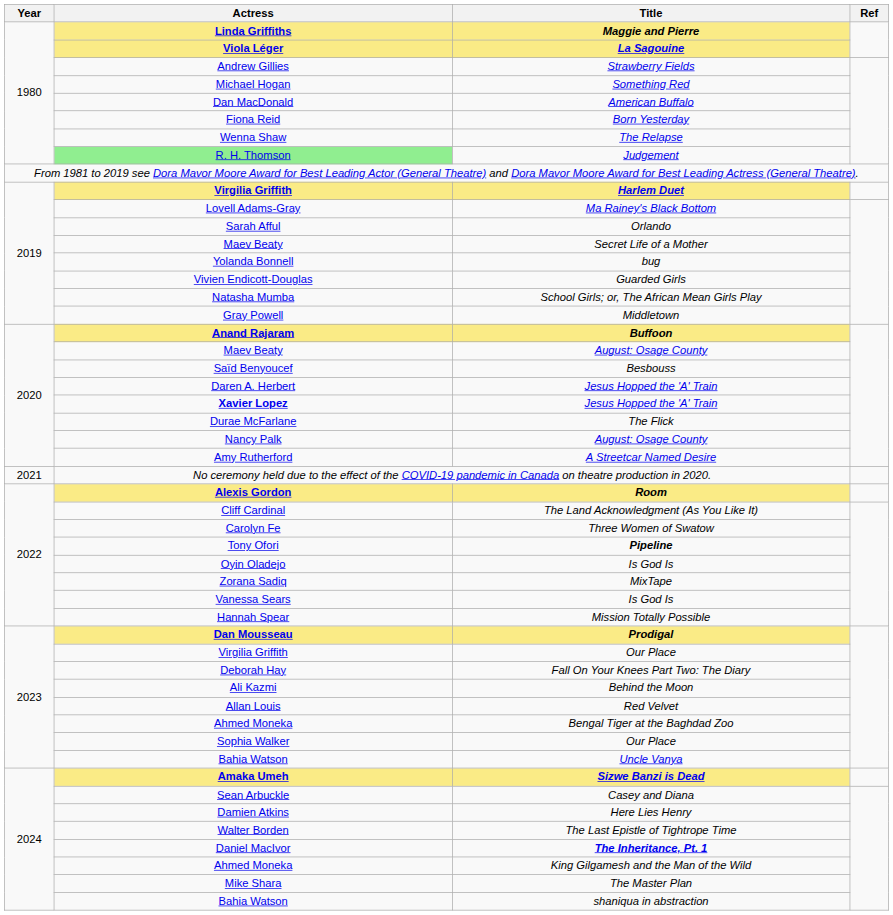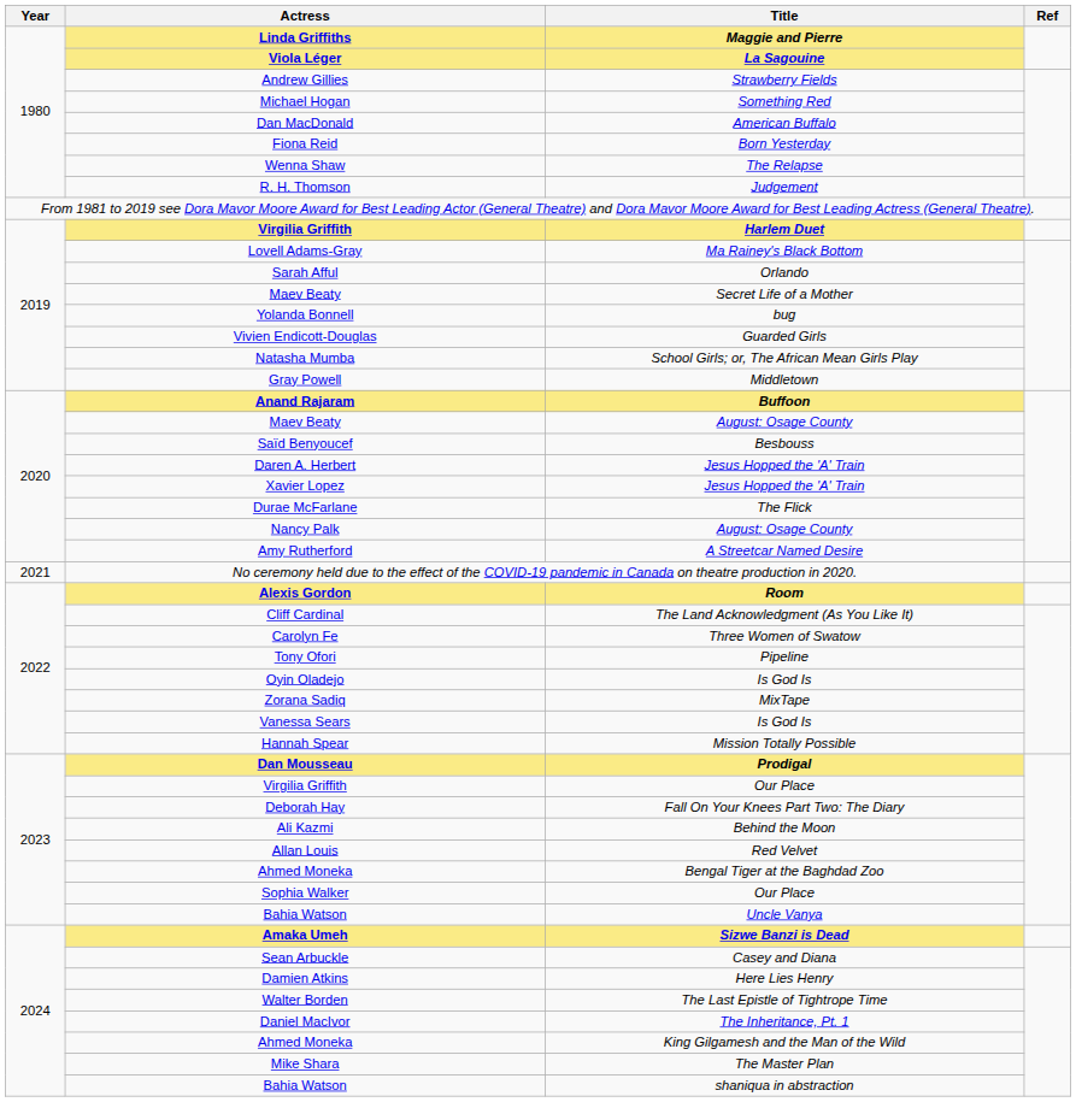 <table class="wikitable" width="100%" style="text-align:center;">
 <tr>
 <th>Year</th>
 <th width="45%">Actress</th>
 <th width="45%">Title</th>
 <th>Ref</th>
 </tr>
 <tr>
 <td rowspan=8>1980</td>
 <td style="background:#FAEB86"><strong><a href='#'>Linda Griffiths</a></strong></td>
 <td style="background:#FAEB86"><strong><em>Maggie and Pierre</em></strong></td>
 <td rowspan=2></td>
 </tr>
 <tr>
 <td style="background:#FAEB86"><strong><a href='#'>Viola Léger</a></strong></td>
 <td style="background:#FAEB86"><strong><em><a href='#'>La Sagouine</a></em></strong></td>
 </tr>
 <tr>
 <td><a href='#'>Andrew Gillies</a></td>
 <td><em><a href='#'>Strawberry Fields</a></em></td>
 <td rowspan=6></td>
 </tr>
 <tr>
 <td><a href='#'>Michael Hogan</a></td>
 <td><em><a href='#'>Something Red</a></em></td>
 </tr>
 <tr>
 <td><a href='#'>Dan MacDonald</a></td>
 <td><em><a href='#'>American Buffalo</a></em></td>
 </tr>
 <tr>
 <td><a href='#'>Fiona Reid</a></td>
 <td><em><a href='#'>Born Yesterday</a></em></td>
 </tr>
 <tr>
 <td><a href='#'>Wenna Shaw</a></td>
 <td><em><a href='#'>The Relapse</a></em></td>
 </tr>
 <tr>
-<td style="background: lightgreen;"><a href='#'>R. H. Thomson</a></td>
+<td><a href='#'>R. H. Thomson</a></td>
 <td><em><a href='#'>Judgement</a></em></td>
 </tr>
 <tr>
 <td colspan=4 align=center><em>From 1981 to 2019 see <a href='#'>Dora Mavor Moore Award for Best Leading Actor (General Theatre)</a> and <a href='#'>Dora Mavor Moore Award for Best Leading Actress (General Theatre)</a>.</em></td>
 </tr>
 <tr>
 <td rowspan=8>2019</td>
 <td style="background:#FAEB86"><strong><a href='#'>Virgilia Griffith</a></strong></td>
 <td style="background:#FAEB86"><strong><em><a href='#'>Harlem Duet</a></em></strong></td>
 <td></td>
 </tr>
 <tr>
 <td><a href='#'>Lovell Adams-Gray</a></td>
 <td><em><a href='#'>Ma Rainey's Black Bottom</a></em></td>
 <td rowspan=7></td>
 </tr>
 <tr>
 <td><a href='#'>Sarah Afful</a></td>
 <td><em>Orlando</em></td>
 </tr>
 <tr>
 <td><a href='#'>Maev Beaty</a></td>
 <td><em>Secret Life of a Mother</em></td>
 </tr>
 <tr>
 <td><a href='#'>Yolanda Bonnell</a></td>
 <td><em>bug</em></td>
 </tr>
 <tr>
 <td><a href='#'>Vivien Endicott-Douglas</a></td>
 <td><em>Guarded Girls</em></td>
 </tr>
 <tr>
 <td><a href='#'>Natasha Mumba</a></td>
 <td><em>School Girls; or, The African Mean Girls Play</em></td>
 </tr>
 <tr>
 <td><a href='#'>Gray Powell</a></td>
 <td><em>Middletown</em></td>
 </tr>
 <tr>
 <td rowspan=8>2020</td>
 <td style="background:#FAEB86"><strong><a href='#'>Anand Rajaram</a></strong></td>
 <td style="background:#FAEB86"><strong><em>Buffoon</em></strong></td>
 <td rowspan=8></td>
 </tr>
 <tr>
 <td><a href='#'>Maev Beaty</a></td>
 <td><em><a href='#'>August: Osage County</a></em></td>
 </tr>
 <tr>
 <td><a href='#'>Saïd Benyoucef</a></td>
 <td><em>Besbouss</em></td>
 </tr>
 <tr>
 <td><a href='#'>Daren A. Herbert</a></td>
 <td><em><a href='#'>Jesus Hopped the 'A' Train</a></em></td>
 </tr>
 <tr>
-<td><strong><a href='#'>Xavier Lopez</a></strong></td>
+<td><a href='#'>Xavier Lopez</a></td>
 <td><em><a href='#'>Jesus Hopped the 'A' Train</a></em></td>
 </tr>
 <tr>
 <td><a href='#'>Durae McFarlane</a></td>
 <td><em>The Flick</em></td>
 </tr>
 <tr>
 <td><a href='#'>Nancy Palk</a></td>
 <td><em><a href='#'>August: Osage County</a></em></td>
 </tr>
 <tr>
 <td><a href='#'>Amy Rutherford</a></td>
 <td><em><a href='#'>A Streetcar Named Desire</a></em></td>
 </tr>
 <tr>
 <td>2021</td>
 <td colspan=2><em>No ceremony held due to the effect of the <a href='#'>COVID-19 pandemic in Canada</a> on theatre production in 2020.</em></td>
 <td></td>
 </tr>
 <tr>
 <td rowspan=8>2022</td>
 <td style="background:#FAEB86"><strong><a href='#'>Alexis Gordon</a></strong></td>
 <td style="background:#FAEB86"><strong><em>Room</em></strong></td>
 <td></td>
 </tr>
 <tr>
 <td><a href='#'>Cliff Cardinal</a></td>
 <td><em>The Land Acknowledgment (As You Like It)</em></td>
 <td rowspan=7></td>
 </tr>
 <tr>
 <td><a href='#'>Carolyn Fe</a></td>
 <td><em>Three Women of Swatow</em></td>
 </tr>
 <tr>
 <td><a href='#'>Tony Ofori</a></td>
-<td><strong><em>Pipeline</em></strong></td>
+<td><em>Pipeline</em></td>
 </tr>
 <tr>
 <td><a href='#'>Oyin Oladejo</a></td>
 <td><em>Is God Is</em></td>
 </tr>
 <tr>
 <td><a href='#'>Zorana Sadiq</a></td>
 <td><em>MixTape</em></td>
 </tr>
 <tr>
 <td><a href='#'>Vanessa Sears</a></td>
 <td><em>Is God Is</em></td>
 </tr>
 <tr>
 <td><a href='#'>Hannah Spear</a></td>
 <td><em>Mission Totally Possible</em></td>
 </tr>
 <tr>
 <td rowspan=8>2023</td>
 <td style="background:#FAEB86"><strong><a href='#'>Dan Mousseau</a></strong></td>
 <td style="background:#FAEB86"><strong><em>Prodigal</em></strong></td>
 <td rowspan=8></td>
 </tr>
 <tr>
 <td><a href='#'>Virgilia Griffith</a></td>
 <td><em>Our Place</em></td>
 </tr>
 <tr>
 <td><a href='#'>Deborah Hay</a></td>
 <td><em>Fall On Your Knees Part Two: The Diary</em></td>
 </tr>
 <tr>
 <td><a href='#'>Ali Kazmi</a></td>
 <td><em>Behind the Moon</em></td>
 </tr>
 <tr>
 <td><a href='#'>Allan Louis</a></td>
 <td><em>Red Velvet</em></td>
 </tr>
 <tr>
 <td><a href='#'>Ahmed Moneka</a></td>
 <td><em>Bengal Tiger at the Baghdad Zoo</em></td>
 </tr>
 <tr>
 <td><a href='#'>Sophia Walker</a></td>
 <td><em>Our Place</em></td>
 </tr>
 <tr>
 <td><a href='#'>Bahia Watson</a></td>
 <td><em><a href='#'>Uncle Vanya</a></em></td>
 </tr>
 <tr>
 <td rowspan=8>2024</td>
 <td style="background:#FAEB86"><strong><a href='#'>Amaka Umeh</a></strong></td>
 <td style="background:#FAEB86"><strong><em><a href='#'>Sizwe Banzi is Dead</a></em></strong></td>
 <td></td>
 </tr>
 <tr>
 <td><a href='#'>Sean Arbuckle</a></td>
 <td><em>Casey and Diana</em></td>
 <td rowspan=7></td>
 </tr>
 <tr>
 <td><a href='#'>Damien Atkins</a></td>
 <td><em>Here Lies Henry</em></td>
 </tr>
 <tr>
 <td><a href='#'>Walter Borden</a></td>
 <td><em>The Last Epistle of Tightrope Time</em></td>
 </tr>
 <tr>
 <td><a href='#'>Daniel MacIvor</a></td>
-<td><strong><em><a href='#'>The Inheritance, Pt. 1</a></em></strong></td>
+<td><em><a href='#'>The Inheritance, Pt. 1</a></em></td>
 </tr>
 <tr>
 <td><a href='#'>Ahmed Moneka</a></td>
 <td><em>King Gilgamesh and the Man of the Wild</em></td>
 </tr>
 <tr>
 <td><a href='#'>Mike Shara</a></td>
 <td><em>The Master Plan</em></td>
 </tr>
 <tr>
 <td><a href='#'>Bahia Watson</a></td>
 <td><em>shaniqua in abstraction</em></td>
 </tr>
 </table>
